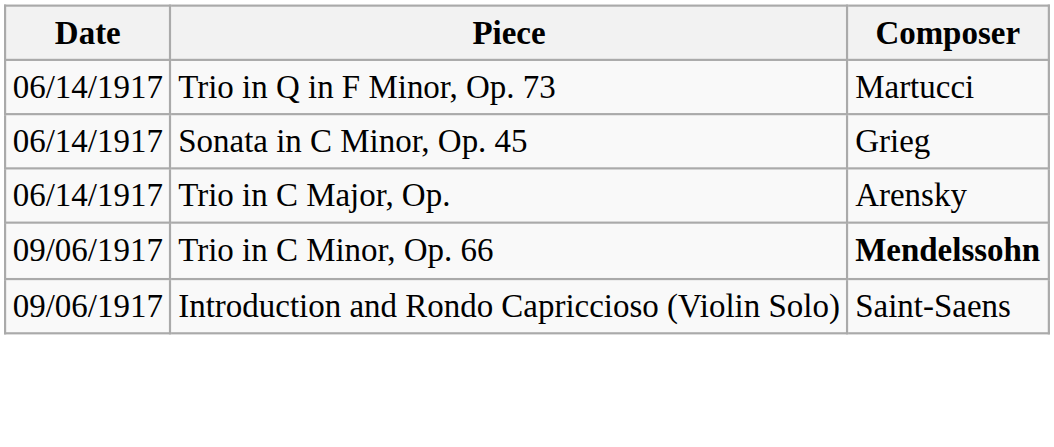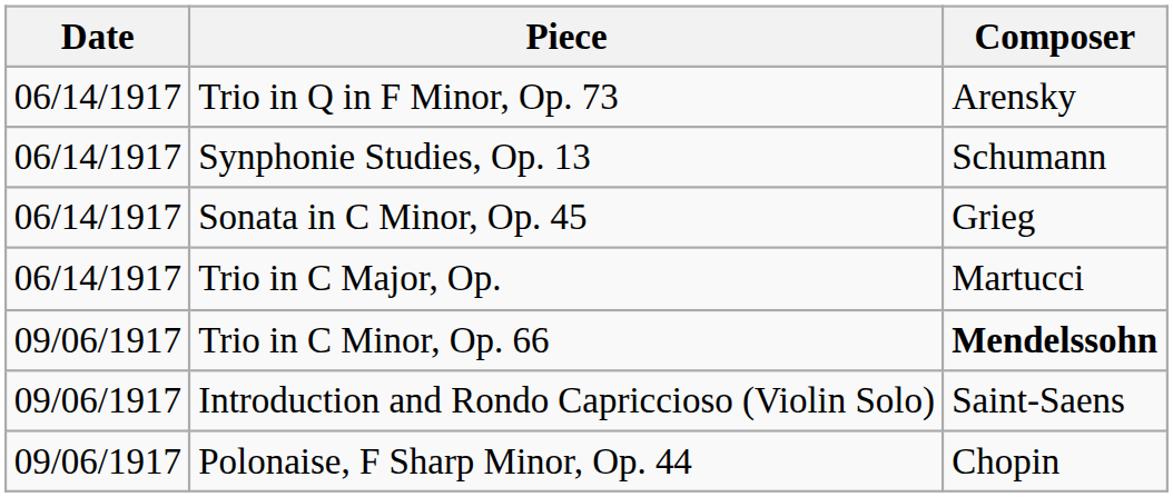 <table class="wikitable" style="font-size: 95%; display: inline-table;">
 <tr>
 <th>Date</th>
 <th>Piece</th>
 <th>Composer</th>
 </tr>
 <tr>
 <td>06/14/1917</td>
 <td>Trio in Q in F Minor, Op. 73</td>
-<td>Martucci</td>
+<td>Arensky</td>
+</tr>
+<tr>
+<td>06/14/1917</td>
+<td>Synphonie Studies, Op. 13</td>
+<td>Schumann</td>
 </tr>
 <tr>
 <td>06/14/1917</td>
 <td>Sonata in C Minor, Op. 45</td>
 <td>Grieg</td>
 </tr>
 <tr>
 <td>06/14/1917</td>
 <td>Trio in C Major, Op.</td>
-<td>Arensky</td>
+<td>Martucci</td>
 </tr>
 <tr>
 <td>09/06/1917</td>
 <td>Trio in C Minor, Op. 66</td>
 <td><strong>Mendelssohn</strong></td>
 </tr>
 <tr>
 <td>09/06/1917</td>
 <td>Introduction and Rondo Capriccioso (Violin Solo)</td>
 <td>Saint-Saens</td>
 </tr>
+<tr>
+<td>09/06/1917</td>
+<td>Polonaise, F Sharp Minor, Op. 44</td>
+<td>Chopin</td>
+</tr>
 </table>
